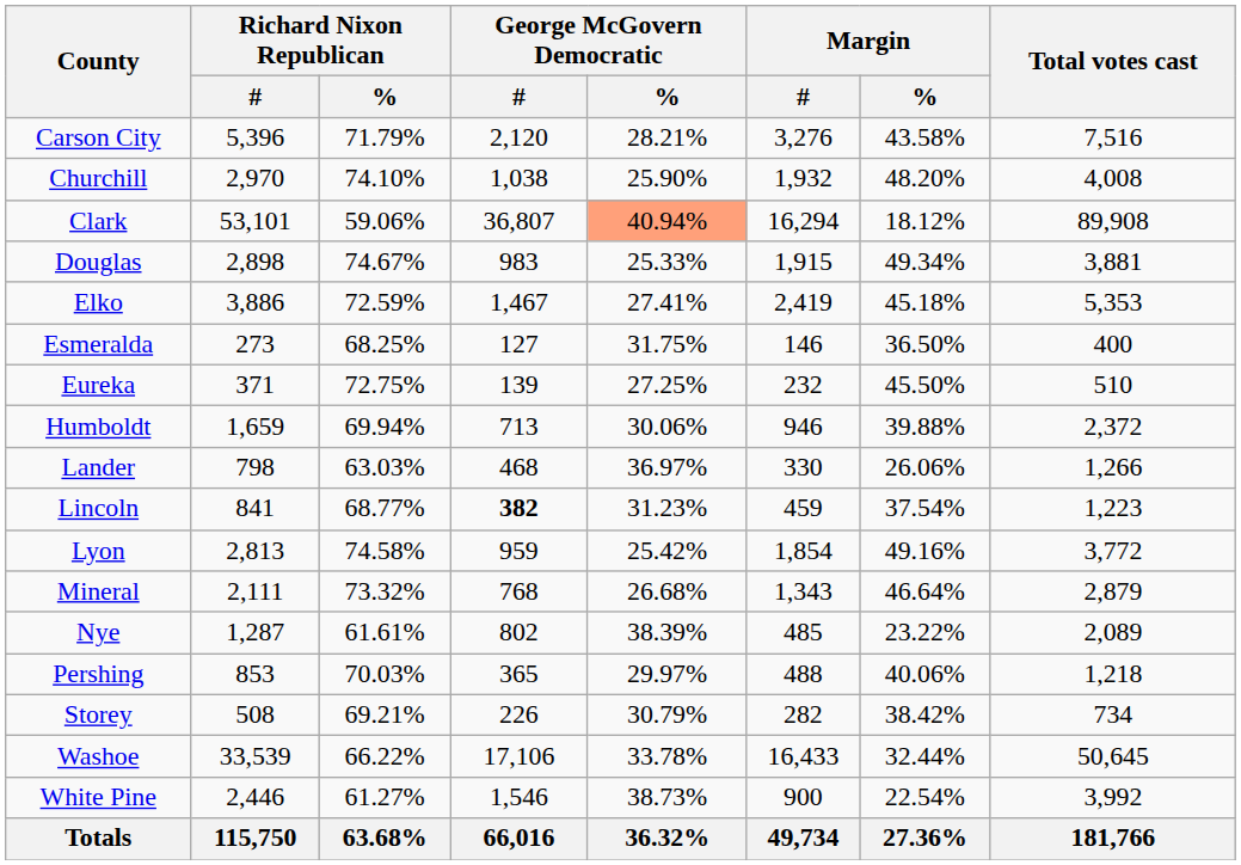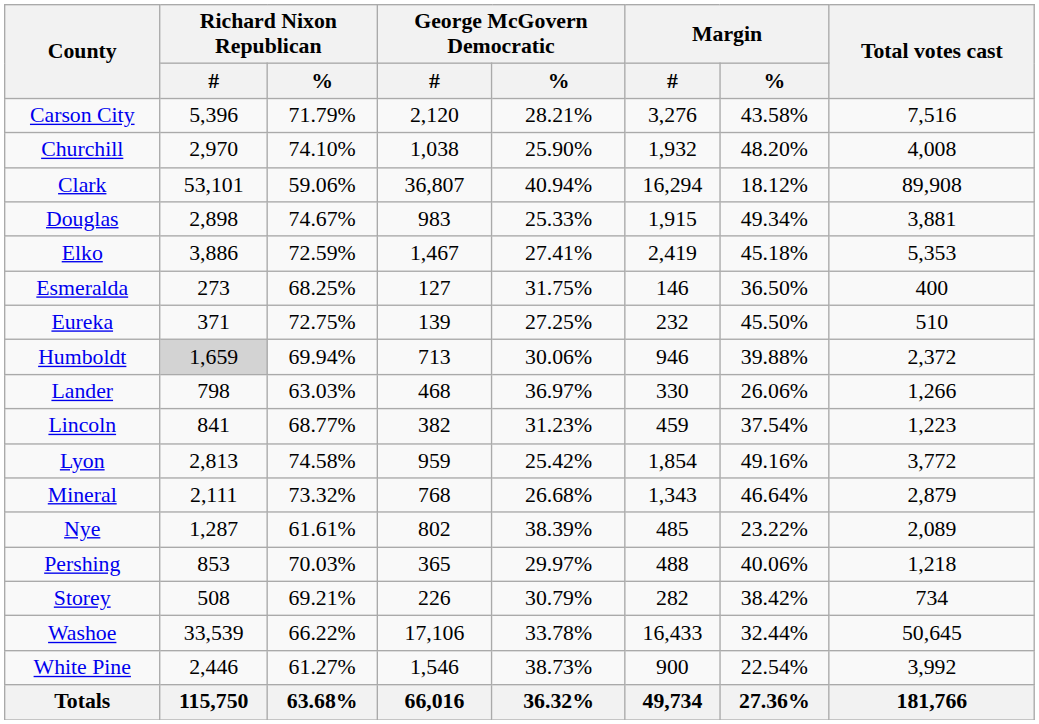 <table width="60%"  class="wikitable sortable" style="text-align:center">
 <tr>
 <th style="text-align:center;" rowspan="2">County</th>
 <th style="text-align:center;" colspan="2">Richard Nixon<br>Republican</th>
 <th style="text-align:center;" colspan="2">George McGovern<br>Democratic</th>
 <th style="text-align:center;" colspan="2">Margin</th>
 <th style="text-align:center;" rowspan="2">Total votes cast</th>
 </tr>
 <tr>
 <th style="text-align:center;" data-sort-type="number">#</th>
 <th style="text-align:center;" data-sort-type="number">%</th>
 <th style="text-align:center;" data-sort-type="number">#</th>
 <th style="text-align:center;" data-sort-type="number">%</th>
 <th style="text-align:center;" data-sort-type="number">#</th>
 <th style="text-align:center;" data-sort-type="number">%</th>
 </tr>
 <tr style="text-align:center;">
 <td><a href='#'>Carson City</a></td>
 <td>5,396</td>
 <td>71.79%</td>
 <td>2,120</td>
 <td>28.21%</td>
 <td>3,276</td>
 <td>43.58%</td>
 <td>7,516</td>
 </tr>
 <tr style="text-align:center;">
 <td><a href='#'>Churchill</a></td>
 <td>2,970</td>
 <td>74.10%</td>
 <td>1,038</td>
 <td>25.90%</td>
 <td>1,932</td>
 <td>48.20%</td>
 <td>4,008</td>
 </tr>
 <tr style="text-align:center;">
 <td><a href='#'>Clark</a></td>
 <td>53,101</td>
 <td>59.06%</td>
 <td>36,807</td>
-<td style="background: lightsalmon;">40.94%</td>
+<td>40.94%</td>
 <td>16,294</td>
 <td>18.12%</td>
 <td>89,908</td>
 </tr>
 <tr style="text-align:center;">
 <td><a href='#'>Douglas</a></td>
 <td>2,898</td>
 <td>74.67%</td>
 <td>983</td>
 <td>25.33%</td>
 <td>1,915</td>
 <td>49.34%</td>
 <td>3,881</td>
 </tr>
 <tr style="text-align:center;">
 <td><a href='#'>Elko</a></td>
 <td>3,886</td>
 <td>72.59%</td>
 <td>1,467</td>
 <td>27.41%</td>
 <td>2,419</td>
 <td>45.18%</td>
 <td>5,353</td>
 </tr>
 <tr style="text-align:center;">
 <td><a href='#'>Esmeralda</a></td>
 <td>273</td>
 <td>68.25%</td>
 <td>127</td>
 <td>31.75%</td>
 <td>146</td>
 <td>36.50%</td>
 <td>400</td>
 </tr>
 <tr style="text-align:center;">
 <td><a href='#'>Eureka</a></td>
 <td>371</td>
 <td>72.75%</td>
 <td>139</td>
 <td>27.25%</td>
 <td>232</td>
 <td>45.50%</td>
 <td>510</td>
 </tr>
 <tr style="text-align:center;">
 <td><a href='#'>Humboldt</a></td>
-<td>1,659</td>
+<td style="background: lightgrey;">1,659</td>
 <td>69.94%</td>
 <td>713</td>
 <td>30.06%</td>
 <td>946</td>
 <td>39.88%</td>
 <td>2,372</td>
 </tr>
 <tr style="text-align:center;">
 <td><a href='#'>Lander</a></td>
 <td>798</td>
 <td>63.03%</td>
 <td>468</td>
 <td>36.97%</td>
 <td>330</td>
 <td>26.06%</td>
 <td>1,266</td>
 </tr>
 <tr style="text-align:center;">
 <td><a href='#'>Lincoln</a></td>
 <td>841</td>
 <td>68.77%</td>
-<td><strong>382</strong></td>
+<td>382</td>
 <td>31.23%</td>
 <td>459</td>
 <td>37.54%</td>
 <td>1,223</td>
 </tr>
 <tr style="text-align:center;">
 <td><a href='#'>Lyon</a></td>
 <td>2,813</td>
 <td>74.58%</td>
 <td>959</td>
 <td>25.42%</td>
 <td>1,854</td>
 <td>49.16%</td>
 <td>3,772</td>
 </tr>
 <tr style="text-align:center;">
 <td><a href='#'>Mineral</a></td>
 <td>2,111</td>
 <td>73.32%</td>
 <td>768</td>
 <td>26.68%</td>
 <td>1,343</td>
 <td>46.64%</td>
 <td>2,879</td>
 </tr>
 <tr style="text-align:center;">
 <td><a href='#'>Nye</a></td>
 <td>1,287</td>
 <td>61.61%</td>
 <td>802</td>
 <td>38.39%</td>
 <td>485</td>
 <td>23.22%</td>
 <td>2,089</td>
 </tr>
 <tr style="text-align:center;">
 <td><a href='#'>Pershing</a></td>
 <td>853</td>
 <td>70.03%</td>
 <td>365</td>
 <td>29.97%</td>
 <td>488</td>
 <td>40.06%</td>
 <td>1,218</td>
 </tr>
 <tr style="text-align:center;">
 <td><a href='#'>Storey</a></td>
 <td>508</td>
 <td>69.21%</td>
 <td>226</td>
 <td>30.79%</td>
 <td>282</td>
 <td>38.42%</td>
 <td>734</td>
 </tr>
 <tr style="text-align:center;">
 <td><a href='#'>Washoe</a></td>
 <td>33,539</td>
 <td>66.22%</td>
 <td>17,106</td>
 <td>33.78%</td>
 <td>16,433</td>
 <td>32.44%</td>
 <td>50,645</td>
 </tr>
 <tr style="text-align:center;">
 <td><a href='#'>White Pine</a></td>
 <td>2,446</td>
 <td>61.27%</td>
 <td>1,546</td>
 <td>38.73%</td>
 <td>900</td>
 <td>22.54%</td>
 <td>3,992</td>
 </tr>
 <tr style="text-align:center;">
 <th>Totals</th>
 <th>115,750</th>
 <th>63.68%</th>
 <th>66,016</th>
 <th>36.32%</th>
 <th>49,734</th>
 <th>27.36%</th>
 <th>181,766</th>
 </tr>
 </table>
